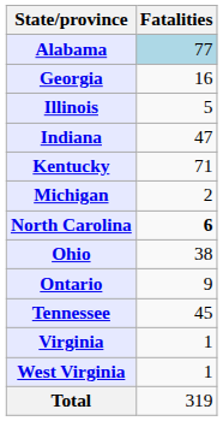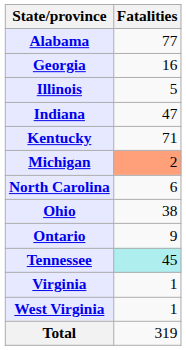 <table class="wikitable sortable" style="margin:0 0 0.5em 1em;float:right;">
 <tr>
 <th scope="col">State/province</th>
 <th scope="col">Fatalities</th>
 </tr>
 <tr>
 <th scope="row" style="background:#e6e9ff;"><a href='#'>Alabama</a></th>
-<td align="right" style="background: lightblue;">77</td>
+<td align="right">77</td>
 </tr>
 <tr>
 <th scope="row" style="background:#e6e9ff;"><a href='#'>Georgia</a></th>
 <td align="right">16</td>
 </tr>
 <tr>
 <th scope="row" style="background:#e6e9ff;"><a href='#'>Illinois</a></th>
 <td align="right">5</td>
 </tr>
 <tr>
 <th scope="row" style="background:#e6e9ff;"><a href='#'>Indiana</a></th>
 <td align="right">47</td>
 </tr>
 <tr>
 <th scope="row" style="background:#e6e9ff;"><a href='#'>Kentucky</a></th>
 <td align="right">71</td>
 </tr>
 <tr>
 <th scope="row" style="background:#e6e9ff;"><a href='#'>Michigan</a></th>
-<td align="right">2</td>
+<td align="right" style="background: lightsalmon;">2</td>
 </tr>
 <tr>
 <th scope="row" style="background:#e6e9ff;"><a href='#'>North Carolina</a></th>
-<td align="right"><strong>6</strong></td>
+<td align="right">6</td>
 </tr>
 <tr>
 <th scope="row" style="background:#e6e9ff;"><a href='#'>Ohio</a></th>
 <td align="right">38</td>
 </tr>
 <tr>
 <th scope="row" style="background:#e6e9ff;"><a href='#'>Ontario</a></th>
 <td align="right">9</td>
 </tr>
 <tr>
 <th scope="row" style="background:#e6e9ff;"><a href='#'>Tennessee</a></th>
-<td align="right">45</td>
+<td align="right" style="background: paleturquoise;">45</td>
 </tr>
 <tr>
 <th scope="row" style="background:#e6e9ff;"><a href='#'>Virginia</a></th>
 <td align="right">1</td>
 </tr>
 <tr>
 <th scope="row" style="background:#e6e9ff;"><a href='#'>West Virginia</a></th>
 <td align="right">1</td>
 </tr>
 <tr class="sortbottom">
 <th scope="row">Total</th>
 <td align="right">319</td>
 </tr>
 </table>
